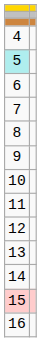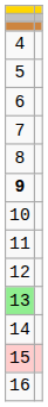 <table class="wikitable">
 <tr style="background:gold;">
 <td align=center></td>
 <td></td>
 </tr>
 <tr style="background:silver;">
 <td align=center></td>
 <td></td>
 </tr>
 <tr style="background:peru;">
 <td align=center></td>
 <td></td>
 </tr>
 <tr>
 <td align=center>4</td>
 <td></td>
 </tr>
 <tr>
-<td align=center style="background: paleturquoise;">5</td>
+<td align=center>5</td>
 <td></td>
 </tr>
 <tr>
 <td align=center>6</td>
 <td></td>
 </tr>
 <tr>
 <td align=center>7</td>
 <td></td>
 </tr>
 <tr>
 <td align=center>8</td>
 <td></td>
 </tr>
 <tr>
-<td align=center>9</td>
+<td align=center><strong>9</strong></td>
 <td></td>
 </tr>
 <tr>
 <td align=center>10</td>
 <td></td>
 </tr>
 <tr>
 <td align=center>11</td>
 <td></td>
 </tr>
 <tr>
 <td align=center>12</td>
 <td></td>
 </tr>
 <tr>
-<td align=center>13</td>
+<td align=center style="background: lightgreen;">13</td>
 <td></td>
 </tr>
 <tr>
 <td align=center>14</td>
 <td></td>
 </tr>
 <tr style="background:#fcc;">
 <td align=center>15</td>
 <td></td>
 </tr>
 <tr>
 <td align=center>16</td>
 <td></td>
 </tr>
 </table>
